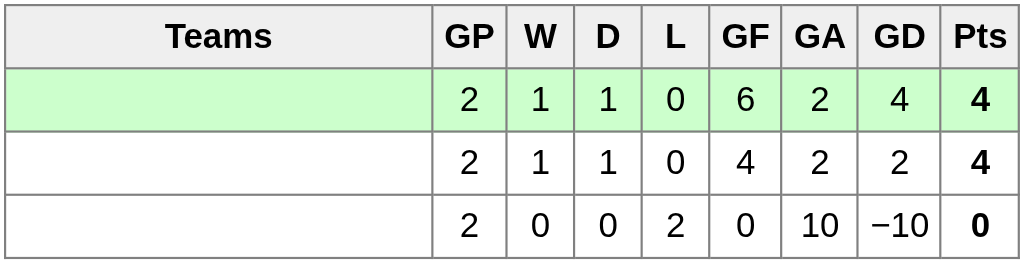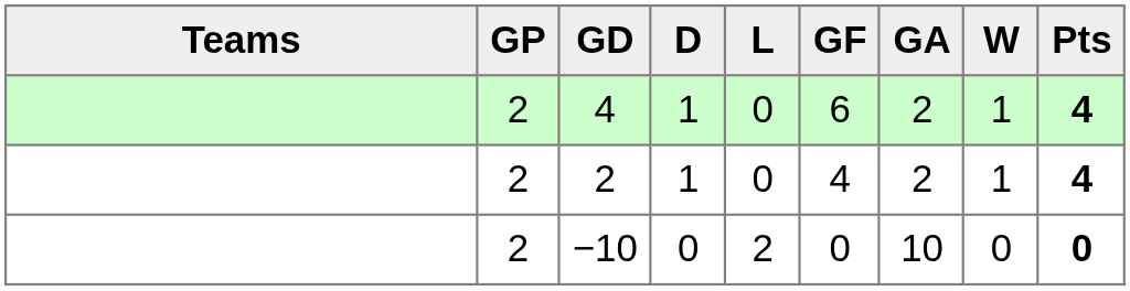 <table style=border-collapse:collapse border=1 cellspacing=0 cellpadding=5>
 <tr align=center bgcolor=#efefef>
 <th width=185>Teams</th>
 <th width=20>GP</th>
-<th width=20>W</th>
+<th width=20>GD</th>
 <th width=20>D</th>
 <th width=20>L</th>
 <th width=20>GF</th>
 <th width=20>GA</th>
-<th width=20>GD</th>
+<th width=20>W</th>
 <th width=20>Pts</th>
 </tr>
 <tr align=center style="background:#ccffcc;">
 <td style="text-align:left;"></td>
 <td>2</td>
-<td>1</td>
+<td>4</td>
 <td>1</td>
 <td>0</td>
 <td>6</td>
 <td>2</td>
-<td>4</td>
+<td>1</td>
 <td><strong>4</strong></td>
 </tr>
 <tr align=center>
 <td style="text-align:left;"></td>
 <td>2</td>
-<td>1</td>
+<td>2</td>
 <td>1</td>
 <td>0</td>
 <td>4</td>
 <td>2</td>
-<td>2</td>
+<td>1</td>
 <td><strong>4</strong></td>
 </tr>
 <tr align=center>
 <td style="text-align:left;"></td>
 <td>2</td>
-<td>0</td>
+<td>−10</td>
 <td>0</td>
 <td>2</td>
 <td>0</td>
 <td>10</td>
-<td>−10</td>
+<td>0</td>
 <td><strong>0</strong></td>
 </tr>
 </table>
